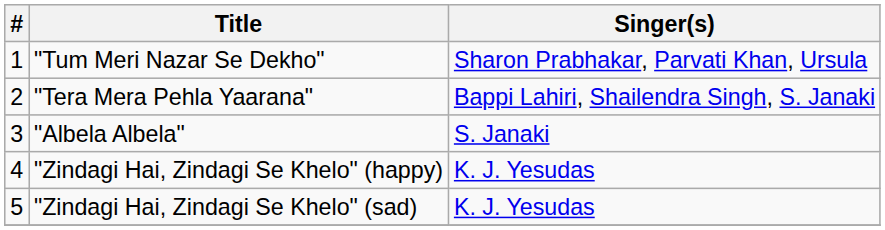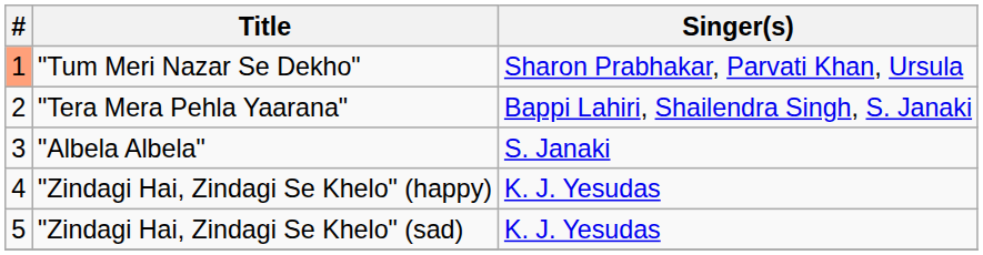 <table class="wikitable" style="font-size:95%;">
 <tr>
 <th>#</th>
 <th>Title</th>
 <th>Singer(s)</th>
 </tr>
 <tr>
-<td>1</td>
+<td style="background: lightsalmon;">1</td>
 <td>"Tum Meri Nazar Se Dekho"</td>
 <td><a href='#'>Sharon Prabhakar</a>, <a href='#'>Parvati Khan</a>, <a href='#'>Ursula</a></td>
 </tr>
 <tr>
 <td>2</td>
 <td>"Tera Mera Pehla Yaarana"</td>
 <td><a href='#'>Bappi Lahiri</a>, <a href='#'>Shailendra Singh</a>, <a href='#'>S. Janaki</a></td>
 </tr>
 <tr>
 <td>3</td>
 <td>"Albela Albela"</td>
 <td><a href='#'>S. Janaki</a></td>
 </tr>
 <tr>
 <td>4</td>
 <td>"Zindagi Hai, Zindagi Se Khelo" (happy)</td>
 <td><a href='#'>K. J. Yesudas</a></td>
 </tr>
 <tr>
 <td>5</td>
 <td>"Zindagi Hai, Zindagi Se Khelo" (sad)</td>
 <td><a href='#'>K. J. Yesudas</a></td>
 </tr>
 <tr>
 </tr>
 </table>
